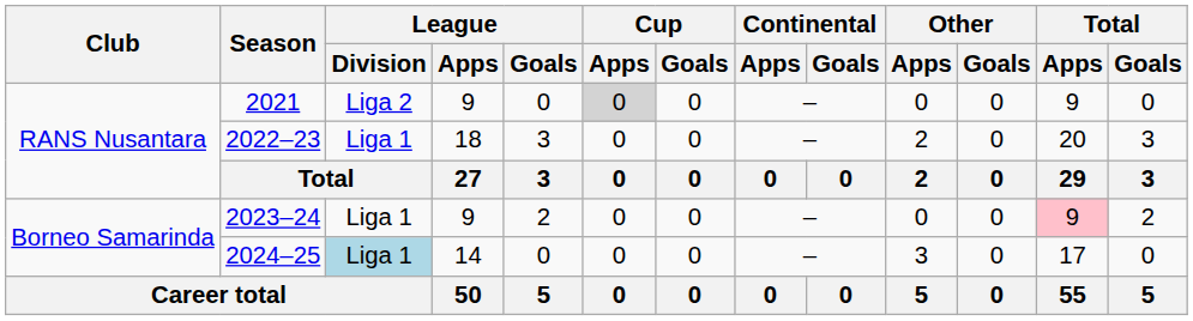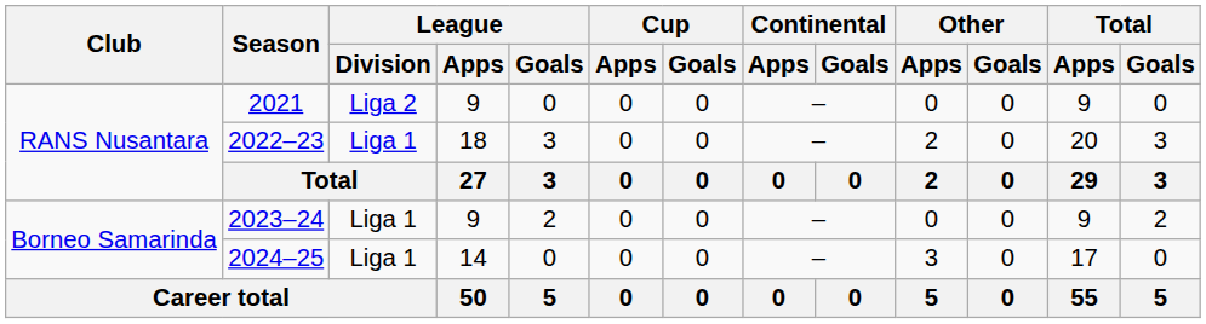 <table class="wikitable" style="text-align: center">
 <tr>
 <th rowspan="2">Club</th>
 <th rowspan="2">Season</th>
 <th colspan="3">League</th>
 <th colspan="2">Cup</th>
 <th colspan="2">Continental</th>
 <th colspan="2">Other</th>
 <th colspan="2">Total</th>
 </tr>
 <tr>
 <th>Division</th>
 <th>Apps</th>
 <th>Goals</th>
 <th>Apps</th>
 <th>Goals</th>
 <th>Apps</th>
 <th>Goals</th>
 <th>Apps</th>
 <th>Goals</th>
 <th>Apps</th>
 <th>Goals</th>
 </tr>
 <tr>
 <td rowspan="3"><a href='#'>RANS Nusantara</a></td>
 <td><a href='#'>2021</a></td>
 <td rowspan="1" valign="center"><a href='#'>Liga 2</a></td>
 <td>9</td>
 <td>0</td>
-<td style="background: lightgrey;">0</td>
+<td>0</td>
 <td>0</td>
 <td colspan="2">–</td>
 <td>0</td>
 <td>0</td>
 <td>9</td>
 <td>0</td>
 </tr>
 <tr>
 <td><a href='#'>2022–23</a></td>
 <td rowspan="1"><a href='#'>Liga 1</a></td>
 <td>18</td>
 <td>3</td>
 <td>0</td>
 <td>0</td>
 <td colspan="2">–</td>
 <td>2</td>
 <td>0</td>
 <td>20</td>
 <td>3</td>
 </tr>
 <tr>
 <th colspan=2>Total</th>
 <th>27</th>
 <th>3</th>
 <th>0</th>
 <th>0</th>
 <th>0</th>
 <th>0</th>
 <th>2</th>
 <th>0</th>
 <th>29</th>
 <th>3</th>
 </tr>
 <tr>
 <td rowspan="2"><a href='#'>Borneo Samarinda</a></td>
 <td><a href='#'>2023–24</a></td>
 <td rowspan="1" valign="center">Liga 1</td>
 <td>9</td>
 <td>2</td>
 <td>0</td>
 <td>0</td>
 <td colspan="2">–</td>
 <td>0</td>
 <td>0</td>
-<td style="background: pink;">9</td>
+<td>9</td>
 <td>2</td>
 </tr>
 <tr>
 <td><a href='#'>2024–25</a></td>
-<td style="background: lightblue;">Liga 1</td>
+<td>Liga 1</td>
 <td>14</td>
 <td>0</td>
 <td>0</td>
 <td>0</td>
 <td colspan="2">–</td>
 <td>3</td>
 <td>0</td>
 <td>17</td>
 <td>0</td>
 </tr>
 <tr>
 <th colspan=3>Career total</th>
 <th>50</th>
 <th>5</th>
 <th>0</th>
 <th>0</th>
 <th>0</th>
 <th>0</th>
 <th>5</th>
 <th>0</th>
 <th>55</th>
 <th>5</th>
 </tr>
 </table>
